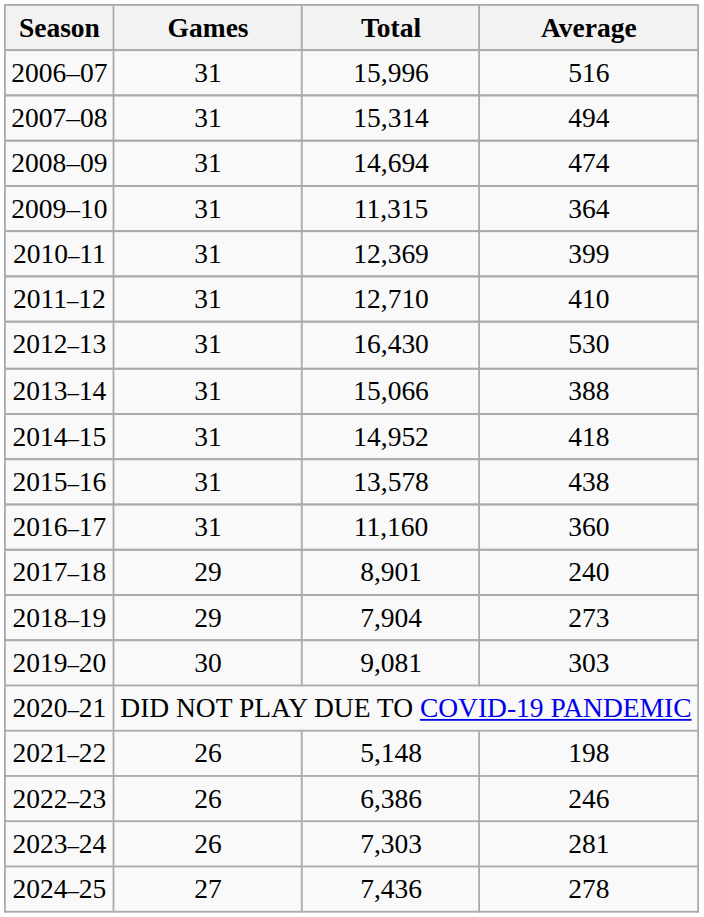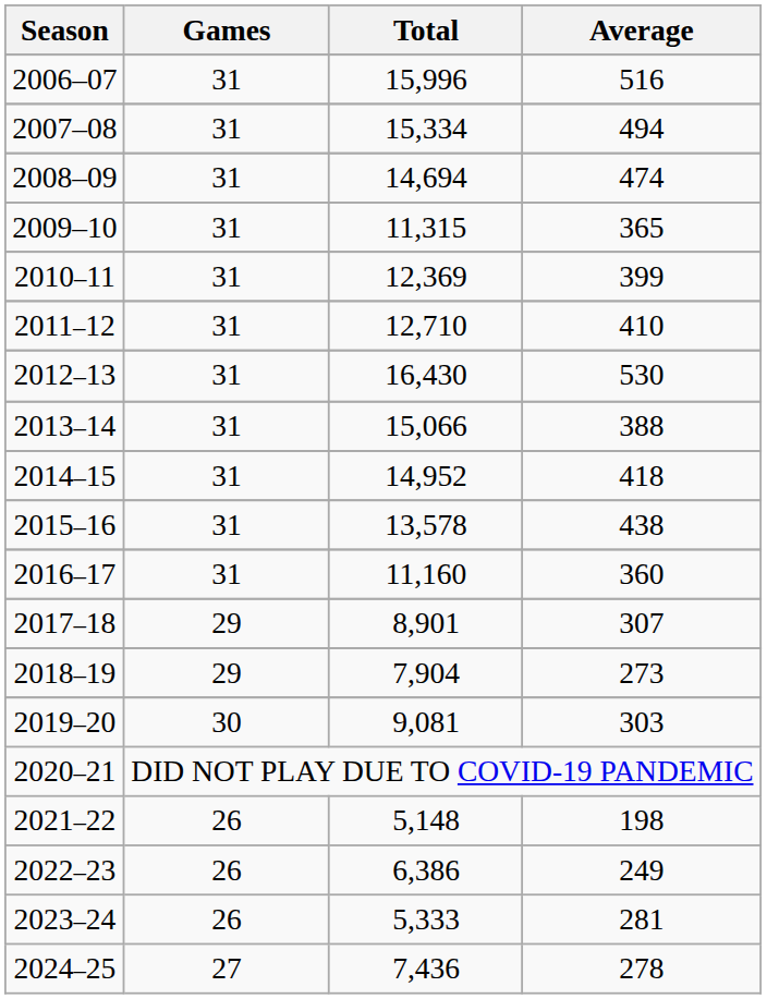 <table class="wikitable" border="1" style="text-align:center; font-size:95%">
 <tr>
 <th rowspan="1">Season</th>
 <th rowspan="1">Games</th>
 <th rowspan="1">Total</th>
 <th rowspan="1">Average</th>
 </tr>
 <tr>
 </tr>
 <tr>
 </tr>
 <tr>
 </tr>
 <tr>
 <td>2006–07</td>
 <td>31</td>
 <td>15,996</td>
 <td>516</td>
 </tr>
 <tr>
 </tr>
 <tr style="text-align:center">
 <td>2007–08</td>
 <td>31</td>
-<td>15,314</td>
+<td>15,334</td>
 <td>494</td>
 </tr>
 <tr>
 </tr>
 <tr style="text-align:center">
 <td>2008–09</td>
 <td>31</td>
 <td>14,694</td>
 <td>474</td>
 </tr>
 <tr>
 </tr>
 <tr style="text-align:center">
 <td>2009–10</td>
 <td>31</td>
 <td>11,315</td>
-<td>364</td>
+<td>365</td>
 </tr>
 <tr>
 </tr>
 <tr style="text-align:center">
 <td>2010<small>–</small>11</td>
 <td>31</td>
 <td>12,369</td>
 <td>399</td>
 </tr>
 <tr>
 </tr>
 <tr style="text-align:center">
 <td>2011<small>–</small>12</td>
 <td>31</td>
 <td>12,710</td>
 <td>410</td>
 </tr>
 <tr>
 </tr>
 <tr style="text-align:center">
 <td>2012<small>–</small>13</td>
 <td>31</td>
 <td>16,430</td>
 <td>530</td>
 </tr>
 <tr>
 </tr>
 <tr style="text-align:center">
 <td>2013<small>–</small>14</td>
 <td>31</td>
 <td>15,066</td>
 <td>388</td>
 </tr>
 <tr>
 </tr>
 <tr style="text-align:center">
 <td>2014<small>–</small>15</td>
 <td>31</td>
 <td>14,952</td>
 <td>418</td>
 </tr>
 <tr>
 </tr>
 <tr style="text-align:center">
 <td>2015<small>–</small>16</td>
 <td>31</td>
 <td>13,578</td>
 <td>438</td>
 </tr>
 <tr>
 </tr>
 <tr style="text-align:center">
 <td>2016<small>–</small>17</td>
 <td>31</td>
 <td>11,160</td>
 <td>360</td>
 </tr>
 <tr>
 </tr>
 <tr style="text-align:center">
 <td>2017<small>–</small>18</td>
 <td>29</td>
 <td>8,901</td>
-<td>240</td>
+<td>307</td>
 </tr>
 <tr>
 </tr>
 <tr style="”text-align:center”">
 <td>2018<small>–</small>19</td>
 <td>29</td>
 <td>7,904</td>
 <td>273</td>
 </tr>
 <tr>
 </tr>
 <tr style="“text-align:center”">
 <td>2019<small>–</small>20</td>
 <td>30</td>
 <td>9,081</td>
 <td>303</td>
 </tr>
 <tr>
 <td>2020<small>–</small>21</td>
 <td colspan="3">DID NOT PLAY DUE TO <a href='#'>COVID-19 PANDEMIC</a></td>
 </tr>
 <tr>
 <td>2021<small>–</small>22</td>
 <td>26</td>
 <td>5,148</td>
 <td>198</td>
 </tr>
 <tr>
 <td>2022<small>–</small>23</td>
 <td>26</td>
 <td>6,386</td>
-<td>246</td>
+<td>249</td>
 </tr>
 <tr>
 <td>2023<small>–</small>24</td>
 <td>26</td>
-<td>7,303</td>
+<td>5,333</td>
 <td>281</td>
 </tr>
 <tr>
 <td>2024<small>–</small>25</td>
 <td>27</td>
 <td>7,436</td>
 <td>278</td>
 </tr>
 </table>
